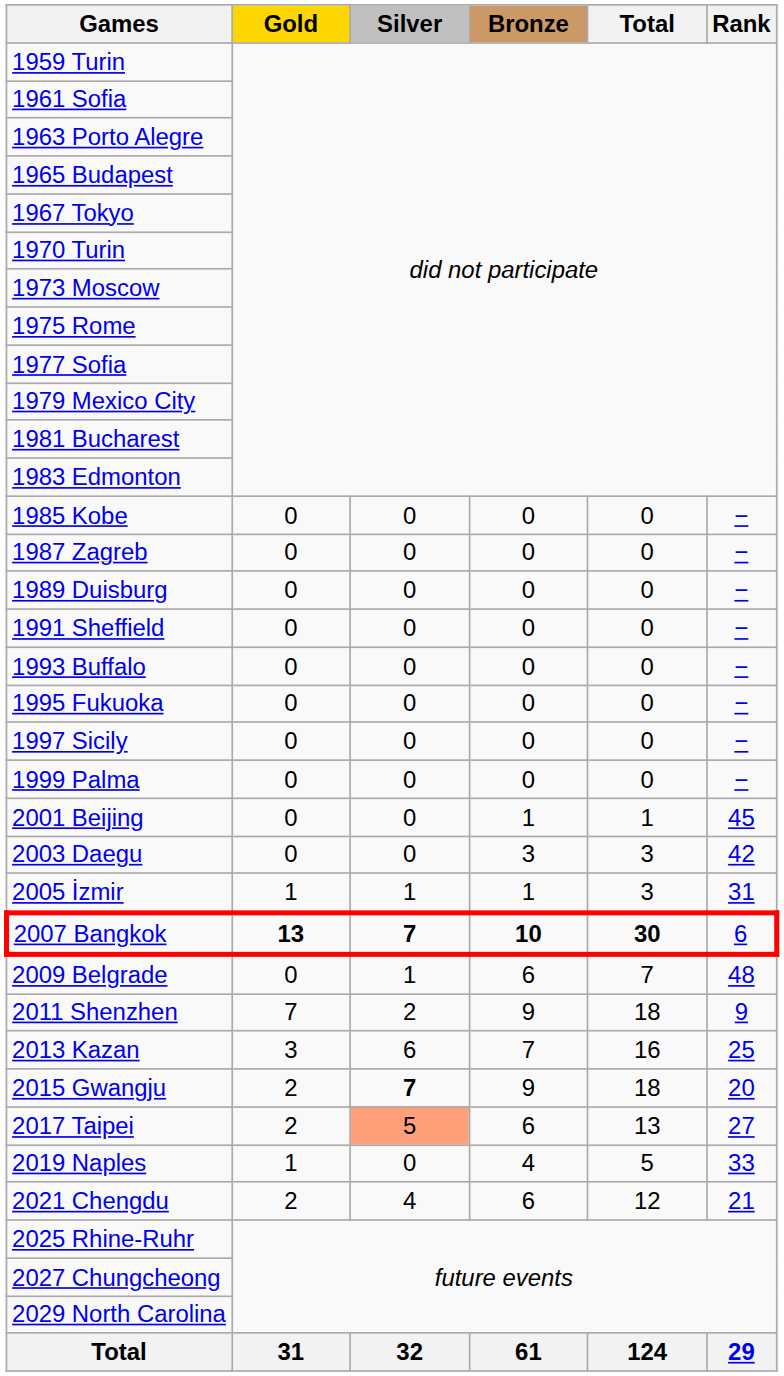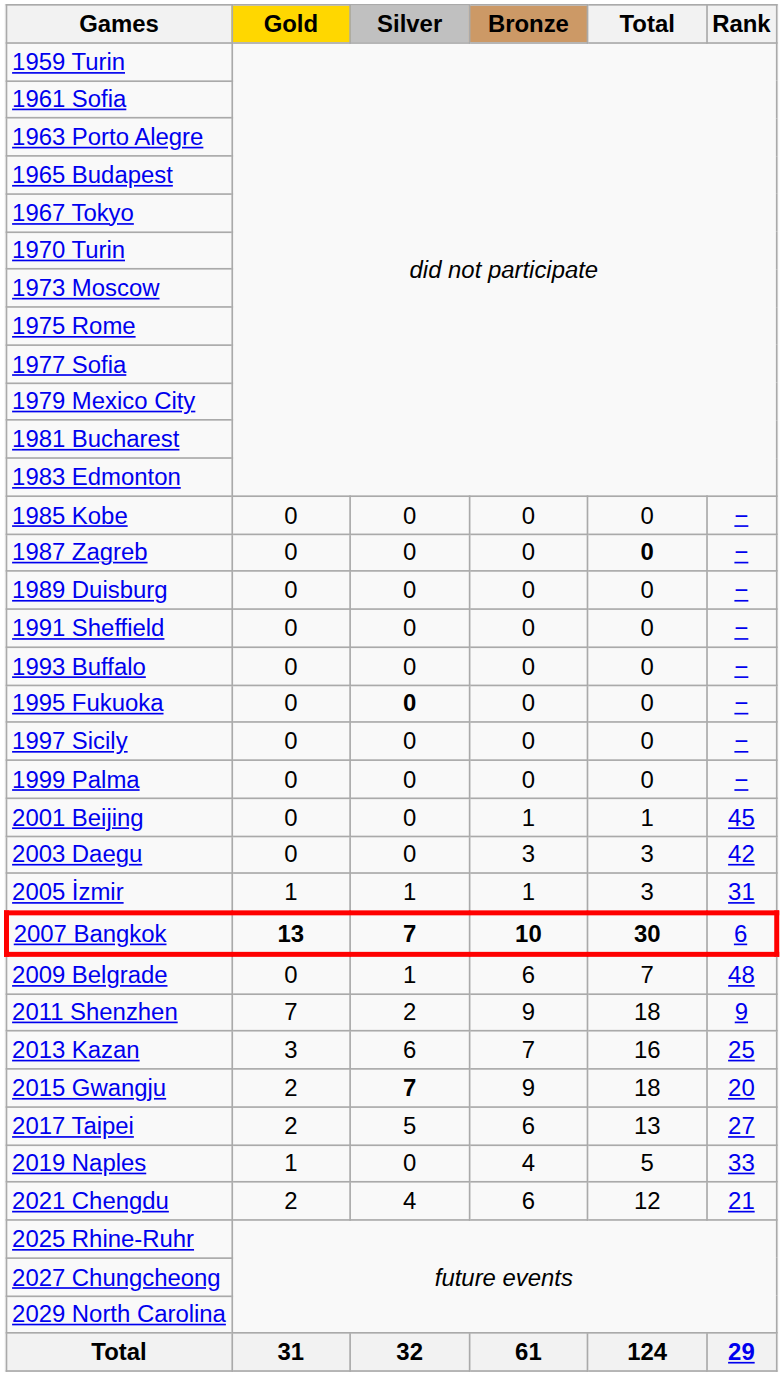 <table class="wikitable sortable" style="text-align:center; font-size:90%;">
 <tr>
 <th>Games</th>
 <th style="background:gold; width:4.5em; font-weight:bold;">Gold</th>
 <th style="background:silver; width:4.5em; font-weight:bold;">Silver</th>
 <th style="background:#cc9966; width:4.5em; font-weight:bold;">Bronze</th>
 <th style="width:4.5em;">Total</th>
 <th>Rank</th>
 </tr>
 <tr>
 <td align=left> <a href='#'>1959 Turin</a></td>
 <td colspan=5 rowspan="12"><em>did not participate</em></td>
 </tr>
 <tr>
 <td align=left> <a href='#'>1961 Sofia</a></td>
 </tr>
 <tr>
 <td align=left> <a href='#'>1963 Porto Alegre</a></td>
 </tr>
 <tr>
 <td align=left> <a href='#'>1965 Budapest</a></td>
 </tr>
 <tr>
 <td align=left> <a href='#'>1967 Tokyo</a></td>
 </tr>
 <tr>
 <td align=left> <a href='#'>1970 Turin</a></td>
 </tr>
 <tr>
 <td align=left> <a href='#'>1973 Moscow</a></td>
 </tr>
 <tr>
 <td align=left> <a href='#'>1975 Rome</a></td>
 </tr>
 <tr>
 <td align=left> <a href='#'>1977 Sofia</a></td>
 </tr>
 <tr>
 <td align=left> <a href='#'>1979 Mexico City</a></td>
 </tr>
 <tr>
 <td align=left> <a href='#'>1981 Bucharest</a></td>
 </tr>
 <tr>
 <td align=left> <a href='#'>1983 Edmonton</a></td>
 </tr>
 <tr>
 <td align=left> <a href='#'>1985 Kobe</a></td>
 <td>0</td>
 <td>0</td>
 <td>0</td>
 <td>0</td>
 <td><a href='#'>−</a></td>
 </tr>
 <tr>
 <td align=left> <a href='#'>1987 Zagreb</a></td>
 <td>0</td>
 <td>0</td>
 <td>0</td>
-<td>0</td>
+<td><strong>0</strong></td>
 <td><a href='#'>−</a></td>
 </tr>
 <tr>
 <td align=left> <a href='#'>1989 Duisburg</a></td>
 <td>0</td>
 <td>0</td>
 <td>0</td>
 <td>0</td>
 <td><a href='#'>−</a></td>
 </tr>
 <tr>
 <td align=left> <a href='#'>1991 Sheffield</a></td>
 <td>0</td>
 <td>0</td>
 <td>0</td>
 <td>0</td>
 <td><a href='#'>−</a></td>
 </tr>
 <tr>
 <td align=left> <a href='#'>1993 Buffalo</a></td>
 <td>0</td>
 <td>0</td>
 <td>0</td>
 <td>0</td>
 <td><a href='#'>−</a></td>
 </tr>
 <tr>
 <td align=left> <a href='#'>1995 Fukuoka</a></td>
 <td>0</td>
-<td>0</td>
+<td><strong>0</strong></td>
 <td>0</td>
 <td>0</td>
 <td><a href='#'>−</a></td>
 </tr>
 <tr>
 <td align=left> <a href='#'>1997 Sicily</a></td>
 <td>0</td>
 <td>0</td>
 <td>0</td>
 <td>0</td>
 <td><a href='#'>−</a></td>
 </tr>
 <tr>
 <td align=left> <a href='#'>1999 Palma</a></td>
 <td>0</td>
 <td>0</td>
 <td>0</td>
 <td>0</td>
 <td><a href='#'>−</a></td>
 </tr>
 <tr>
 <td align=left> <a href='#'>2001 Beijing</a></td>
 <td>0</td>
 <td>0</td>
 <td>1</td>
 <td>1</td>
 <td><a href='#'>45</a></td>
 </tr>
 <tr>
 <td align=left> <a href='#'>2003 Daegu</a></td>
 <td>0</td>
 <td>0</td>
 <td>3</td>
 <td>3</td>
 <td><a href='#'>42</a></td>
 </tr>
 <tr>
 <td align=left> <a href='#'>2005 İzmir</a></td>
 <td>1</td>
 <td>1</td>
 <td>1</td>
 <td>3</td>
 <td><a href='#'>31</a></td>
 </tr>
 <tr style="border: 3px solid red">
 <td align=left> <a href='#'>2007 Bangkok</a></td>
 <td><strong>13</strong></td>
 <td><strong>7</strong></td>
 <td><strong>10</strong></td>
 <td><strong>30</strong></td>
 <td><a href='#'>6</a></td>
 </tr>
 <tr>
 <td align=left> <a href='#'>2009 Belgrade</a></td>
 <td>0</td>
 <td>1</td>
 <td>6</td>
 <td>7</td>
 <td><a href='#'>48</a></td>
 </tr>
 <tr>
 <td align=left> <a href='#'>2011 Shenzhen</a></td>
 <td>7</td>
 <td>2</td>
 <td>9</td>
 <td>18</td>
 <td><a href='#'>9</a></td>
 </tr>
 <tr>
 <td align=left> <a href='#'>2013 Kazan</a></td>
 <td>3</td>
 <td>6</td>
 <td>7</td>
 <td>16</td>
 <td><a href='#'>25</a></td>
 </tr>
 <tr>
 <td align=left> <a href='#'>2015 Gwangju</a></td>
 <td>2</td>
 <td><strong>7</strong></td>
 <td>9</td>
 <td>18</td>
 <td><a href='#'>20</a></td>
 </tr>
 <tr>
 <td align=left> <a href='#'>2017 Taipei</a></td>
 <td>2</td>
-<td style="background: lightsalmon;">5</td>
+<td>5</td>
 <td>6</td>
 <td>13</td>
 <td><a href='#'>27</a></td>
 </tr>
 <tr>
 <td align=left> <a href='#'>2019 Naples</a></td>
 <td>1</td>
 <td>0</td>
 <td>4</td>
 <td>5</td>
 <td><a href='#'>33</a></td>
 </tr>
 <tr>
 <td align=left> <a href='#'>2021 Chengdu</a></td>
 <td>2</td>
 <td>4</td>
 <td>6</td>
 <td>12</td>
 <td><a href='#'>21</a></td>
 </tr>
 <tr>
 <td align=left> <a href='#'>2025 Rhine-Ruhr</a></td>
 <td colspan=5 rowspan="3"><em>future events</em></td>
 </tr>
 <tr>
 <td align=left> <a href='#'>2027 Chungcheong</a></td>
 </tr>
 <tr>
 <td align=left> <a href='#'>2029 North Carolina</a></td>
 </tr>
 <tr>
 <th>Total</th>
 <th>31</th>
 <th>32</th>
 <th>61</th>
 <th>124</th>
 <th><a href='#'>29</a></th>
 </tr>
 </table>
